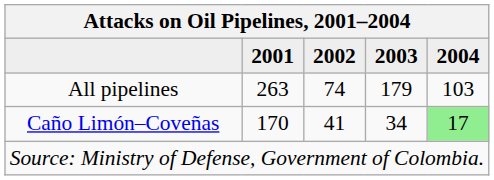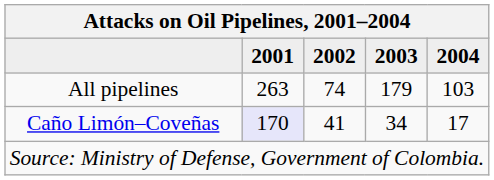 <table class="wikitable" style="margin:auto;">
 <tr style="vertical-align:middle;">
 <th colspan="5" style="text-align:center;">Attacks on Oil Pipelines, 2001–2004 <br></th>
 </tr>
 <tr style="background:#eee; vertical-align:middle;">
 <td></td>
 <td style="text-align:center;"><strong>2001</strong></td>
 <td style="text-align:center;"><strong>2002</strong></td>
 <td style="text-align:center;"><strong>2003</strong></td>
 <td style="text-align:center;"><strong>2004</strong></td>
 </tr>
 <tr style="vertical-align:middle; text-align:center;">
 <td>All pipelines</td>
 <td>263</td>
 <td>74</td>
 <td>179</td>
 <td>103</td>
 </tr>
 <tr>
 <td style="text-align:center;"><a href='#'>Caño Limón–Coveñas</a></td>
-<td style="text-align:center;">170</td>
+<td style="background: lavender; text-align:center;">170</td>
 <td style="text-align:center;">41</td>
 <td style="text-align:center;">34</td>
-<td style="background: lightgreen; text-align:center;">17</td>
+<td style="text-align:center;">17</td>
 </tr>
 <tr>
 <td colspan="5" style="text-align:center;"><em>Source: Ministry of Defense, Government of Colombia.</em></td>
 </tr>
 </table>
